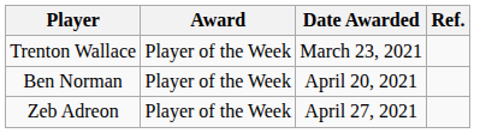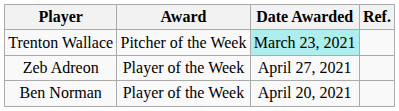 <table class="wikitable sortable sortable" style="text-align: center">
 <tr align=center>
 <th>Player</th>
 <th>Award</th>
 <th>Date Awarded</th>
 <th>Ref.</th>
 </tr>
 <tr>
 <td>Trenton Wallace</td>
+<td rowspan="1">Pitcher of the Week</td>
+<td rowspan="1" style="background: paleturquoise;">March 23, 2021</td>
+<td rowspan="1"></td>
+</tr>
+<tr>
+<td>Zeb Adreon</td>
 <td rowspan="1">Player of the Week</td>
-<td rowspan="1">March 23, 2021</td>
+<td rowspan="1">April 27, 2021</td>
 <td rowspan="1"></td>
 </tr>
 <tr>
 <td>Ben Norman</td>
 <td rowspan="1">Player of the Week</td>
 <td rowspan="1">April 20, 2021</td>
 <td rowspan="1"></td>
 </tr>
-<tr>
-<td>Zeb Adreon</td>
-<td rowspan="1">Player of the Week</td>
-<td rowspan="1">April 27, 2021</td>
-<td rowspan="1"></td>
-</tr>
 </table>
